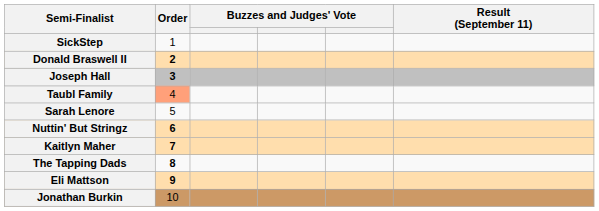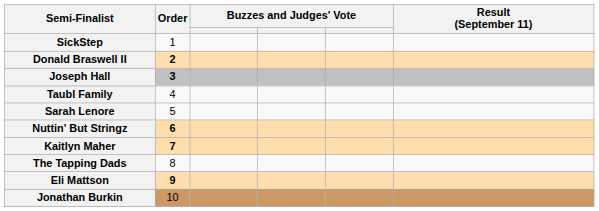 <table class="wikitable plainrowheaders sortable" style="text-align:center;">
 <tr>
 <th scope="col" rowspan="2" class="unsortable" style="width:17em;">Semi-Finalist</th>
 <th scope="col" rowspan="2" style="width:1em;">Order</th>
 <th scope="col" colspan="3" class="unsortable" style="width:24em;">Buzzes and Judges' Vote</th>
 <th scope="col" rowspan="2" style="width:23em;">Result <br> (September 11)</th>
 </tr>
 <tr>
 <th scope="col" class="unsortable" style="width:6em;"></th>
 <th scope="col" class="unsortable" style="width:6em;"></th>
 <th scope="col" class="unsortable" style="width:6em;"></th>
 </tr>
 <tr>
 <th scope="row">SickStep</th>
 <td>1</td>
 <td style="text-align:center;"></td>
 <td style="text-align:center;"></td>
 <td style="text-align:center;"></td>
 <td></td>
 </tr>
 <tr style="background:NavajoWhite;">
 <th scope="row"><strong>Donald Braswell II</strong></th>
 <td><strong>2</strong></td>
 <td style="text-align:center;"></td>
 <td style="text-align:center;"></td>
 <td style="text-align:center;"></td>
 <td><strong></strong></td>
 </tr>
 <tr style="background:silver;">
 <th scope="row"><strong>Joseph Hall</strong></th>
 <td><strong>3</strong></td>
 <td style="text-align:center;"></td>
 <td style="text-align:center;"></td>
 <td style="text-align:center;"></td>
 <td><strong></strong></td>
 </tr>
 <tr>
 <th scope="row">Taubl Family</th>
-<td style="background: lightsalmon;">4</td>
+<td>4</td>
 <td style="text-align:center;"></td>
 <td style="text-align:center;"></td>
 <td style="text-align:center;"></td>
 <td></td>
 </tr>
 <tr>
 <th scope="row">Sarah Lenore</th>
 <td>5</td>
 <td style="text-align:center;"></td>
 <td style="text-align:center;"></td>
 <td style="text-align:center;"></td>
 <td></td>
 </tr>
 <tr style="background:NavajoWhite;">
 <th scope="row"><strong>Nuttin' But Stringz</strong></th>
 <td><strong>6</strong></td>
 <td style="text-align:center;"></td>
 <td style="text-align:center;"></td>
 <td style="text-align:center;"></td>
 <td><strong></strong></td>
 </tr>
 <tr style="background:NavajoWhite;">
 <th scope="row"><strong>Kaitlyn Maher</strong></th>
 <td><strong>7</strong></td>
 <td style="text-align:center;"></td>
 <td style="text-align:center;"></td>
 <td style="text-align:center;"></td>
 <td><strong></strong></td>
 </tr>
 <tr>
 <th scope="row">The Tapping Dads</th>
-<td><strong>8</strong></td>
+<td>8</td>
 <td style="text-align:center;"></td>
 <td style="text-align:center;"></td>
 <td style="text-align:center;"></td>
 <td></td>
 </tr>
 <tr style="background:NavajoWhite;">
 <th scope="row"><strong>Eli Mattson</strong></th>
 <td><strong>9</strong></td>
 <td style="text-align:center;"></td>
 <td style="text-align:center;"></td>
 <td style="text-align:center;"></td>
 <td><strong></strong></td>
 </tr>
 <tr style="background:#c96;">
 <th scope="row">Jonathan Burkin</th>
 <td>10</td>
 <td style="text-align:center;"></td>
 <td style="text-align:center;"></td>
 <td style="text-align:center;"></td>
 <td></td>
 </tr>
 </table>
